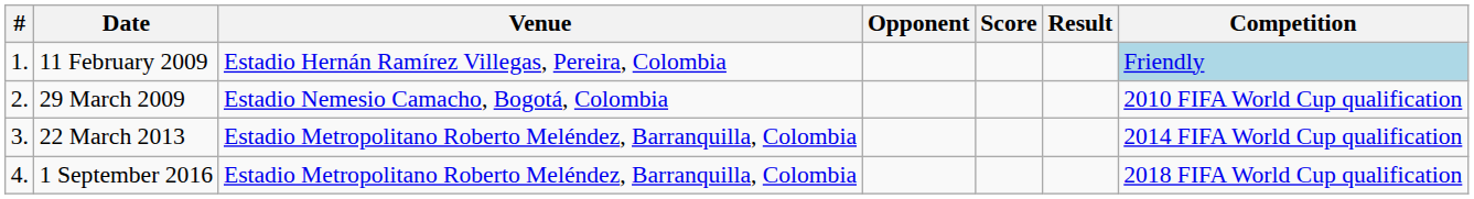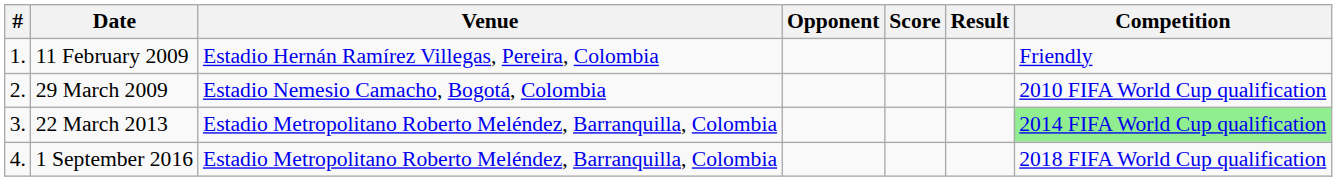 <table class="wikitable collapsible">
 <tr>
 <th>#</th>
 <th>Date</th>
 <th>Venue</th>
 <th>Opponent</th>
 <th>Score</th>
 <th>Result</th>
 <th>Competition</th>
 </tr>
 <tr>
 <td>1.</td>
 <td>11 February 2009</td>
 <td><a href='#'>Estadio Hernán Ramírez Villegas</a>, <a href='#'>Pereira</a>, <a href='#'>Colombia</a></td>
 <td></td>
 <td></td>
 <td></td>
-<td style="background: lightblue;"><a href='#'>Friendly</a></td>
+<td><a href='#'>Friendly</a></td>
 </tr>
 <tr>
 <td>2.</td>
 <td>29 March 2009</td>
 <td><a href='#'>Estadio Nemesio Camacho</a>, <a href='#'>Bogotá</a>, <a href='#'>Colombia</a></td>
 <td></td>
 <td></td>
 <td></td>
 <td><a href='#'>2010 FIFA World Cup qualification</a></td>
 </tr>
 <tr>
 <td>3.</td>
 <td>22 March 2013</td>
 <td><a href='#'>Estadio Metropolitano Roberto Meléndez</a>, <a href='#'>Barranquilla</a>, <a href='#'>Colombia</a></td>
 <td></td>
 <td></td>
 <td></td>
-<td><a href='#'>2014 FIFA World Cup qualification</a></td>
+<td style="background: lightgreen;"><a href='#'>2014 FIFA World Cup qualification</a></td>
 </tr>
 <tr>
 <td>4.</td>
 <td>1 September 2016</td>
 <td><a href='#'>Estadio Metropolitano Roberto Meléndez</a>, <a href='#'>Barranquilla</a>, <a href='#'>Colombia</a></td>
 <td></td>
 <td></td>
 <td></td>
 <td rowspan=2><a href='#'>2018 FIFA World Cup qualification</a></td>
 </tr>
 </table>
